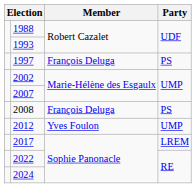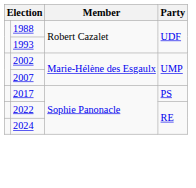 <table class="wikitable">
 <tr>
 <th colspan="2">Election</th>
 <th>Member</th>
 <th>Party</th>
 </tr>
 <tr>
 <td rowspan="2" style="color:inherit;background-color: "></td>
 <td><a href='#'>1988</a></td>
 <td rowspan="2">Robert Cazalet</td>
 <td rowspan="2"><a href='#'>UDF</a></td>
 </tr>
 <tr>
 <td><a href='#'>1993</a></td>
 </tr>
 <tr>
-<td style="color:inherit;background-color: "></td>
-<td><a href='#'>1997</a></td>
-<td><a href='#'>François Deluga</a></td>
-<td><a href='#'>PS</a></td>
-</tr>
-<tr>
 <td rowspan=2 style="color:inherit;background-color: "></td>
 <td><a href='#'>2002</a></td>
 <td rowspan=2><a href='#'>Marie-Hélène des Esgaulx</a></td>
 <td rowspan=2><a href='#'>UMP</a></td>
 </tr>
 <tr>
 <td><a href='#'>2007</a></td>
 </tr>
 <tr>
 <td style="color:inherit;background-color: "></td>
-<td>2008</td>
-<td><a href='#'>François Deluga</a></td>
-<td><a href='#'>PS</a></td>
-</tr>
-<tr>
-<td style="color:inherit;background-color: "></td>
-<td><a href='#'>2012</a></td>
-<td><a href='#'>Yves Foulon</a></td>
-<td><a href='#'>UMP</a></td>
-</tr>
-<tr>
-<td style="color:inherit;background-color: "></td>
 <td><a href='#'>2017</a></td>
 <td rowspan="3"><a href='#'>Sophie Panonacle</a></td>
-<td><a href='#'>LREM</a></td>
+<td><a href='#'>PS</a></td>
 </tr>
 <tr>
 <td style="color:inherit;background-color: "></td>
 <td><a href='#'>2022</a></td>
 <td rowspan="2"><a href='#'>RE</a></td>
 </tr>
 <tr>
 <td style="color:inherit;background-color: "></td>
 <td><a href='#'>2024</a></td>
 </tr>
 </table>
